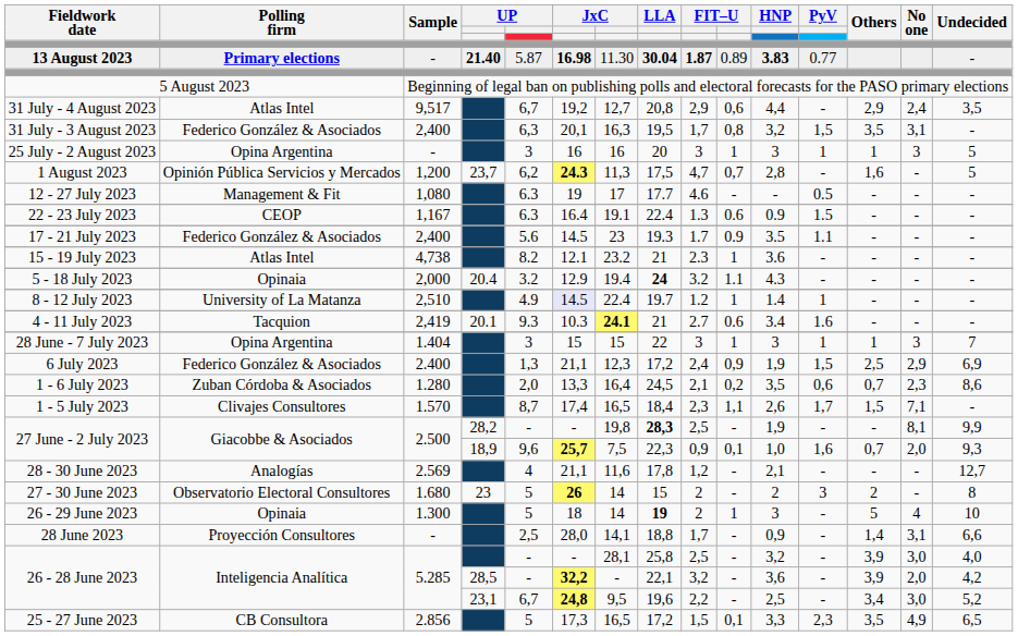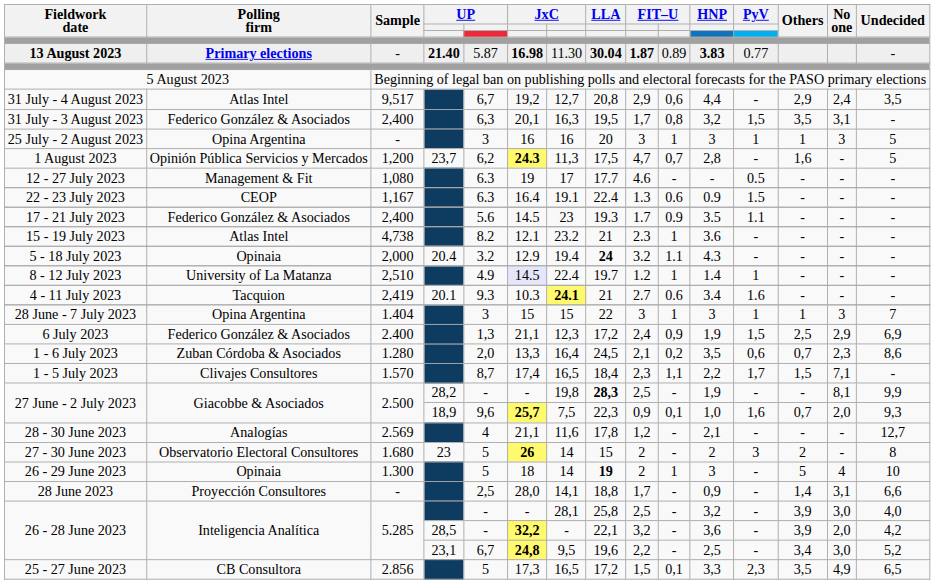 <table class="wikitable sortable tpl-blanktable" style="text-align:center;font-size:95%;line-height:14px;">
 <tr>
 <th rowspan="3">Fieldwork<br>date</th>
 <th rowspan="3">Polling<br>firm</th>
 <th rowspan="3">Sample</th>
 <th colspan="2"><a href='#'>UP</a></th>
 <th colspan="2"><a href='#'>JxC</a></th>
 <th colspan="1"><a href='#'>LLA</a></th>
 <th colspan="2"><a href='#'>FIT–U</a></th>
 <th colspan="1"><a href='#'>HNP</a></th>
 <th colspan="1"><a href='#'>PyV</a></th>
 <th rowspan="3">Others</th>
 <th rowspan="3">No<br>one</th>
 <th rowspan="3">Undecided</th>
 </tr>
 <tr>
 <th></th>
 <th></th>
 <th></th>
 <th></th>
 <th></th>
 <th></th>
 <th></th>
 <th></th>
 <th></th>
 </tr>
 <tr>
 <th style="background:"></th>
 <th style="background:#ED2939; width:40px;"></th>
 <th style="background:"></th>
 <th style="background:"></th>
 <th style="background:"></th>
 <th style="background:"></th>
 <th style="background:"></th>
 <th style="background:#1273BD; width:40px;"></th>
 <th style="background:#00AFF0; width:40px;"></th>
 </tr>
 <tr>
 <td colspan="15" style="background:#A0A0A0"></td>
 </tr>
 <tr style="background:#EFEFEF;">
 <td><strong>13 August 2023</strong></td>
 <td><strong><a href='#'>Primary elections</a></strong></td>
 <td>-</td>
 <td><strong>21.40</strong></td>
 <td>5.87</td>
 <td><strong>16.98</strong></td>
 <td>11.30</td>
 <td style="background:"><strong>30.04</strong></td>
 <td><strong>1.87</strong></td>
 <td>0.89</td>
 <td><strong>3.83</strong></td>
 <td>0.77</td>
 <td></td>
 <td></td>
 <td>-</td>
 </tr>
 <tr>
 <td colspan="15" style="background:#A0A0A0"></td>
 </tr>
 <tr>
 <td colspan="2">5 August 2023</td>
 <td colspan="15">Beginning of legal ban on publishing polls and electoral forecasts for the PASO primary elections</td>
 </tr>
 <tr>
 <td>31 July - 4 August 2023</td>
 <td>Atlas Intel</td>
 <td>9,517</td>
 <td bgcolor="#0E3C61"><strong></strong></td>
 <td>6,7</td>
 <td>19,2</td>
 <td>12,7</td>
 <td>20,8</td>
 <td>2,9</td>
 <td>0,6</td>
 <td>4,4</td>
 <td>-</td>
 <td>2,9</td>
 <td>2,4</td>
 <td>3,5</td>
 </tr>
 <tr>
 <td>31 July - 3 August 2023</td>
 <td>Federico González & Asociados</td>
 <td>2,400</td>
 <td bgcolor="#0E3C61"><strong></strong></td>
 <td>6,3</td>
 <td>20,1</td>
 <td>16,3</td>
 <td>19,5</td>
 <td>1,7</td>
 <td>0,8</td>
 <td>3,2</td>
 <td>1,5</td>
 <td>3,5</td>
 <td>3,1</td>
 <td>-</td>
 </tr>
 <tr>
 <td>25 July - 2 August 2023</td>
 <td>Opina Argentina</td>
 <td>-</td>
 <td bgcolor="#0E3C61"><strong></strong></td>
 <td>3</td>
 <td>16</td>
 <td>16</td>
 <td>20</td>
 <td>3</td>
 <td>1</td>
 <td>3</td>
 <td>1</td>
 <td>1</td>
 <td>3</td>
 <td>5</td>
 </tr>
 <tr>
 <td>1 August 2023</td>
 <td>Opinión Pública Servicios y Mercados</td>
 <td>1,200</td>
 <td>23,7</td>
 <td>6,2</td>
 <td bgcolor="#FFF96E"><strong>24.3</strong></td>
 <td>11,3</td>
 <td>17,5</td>
 <td>4,7</td>
 <td>0,7</td>
 <td>2,8</td>
 <td>-</td>
 <td>1,6</td>
 <td>-</td>
 <td>5</td>
 </tr>
 <tr>
 <td>12 - 27 July 2023</td>
 <td>Management & Fit</td>
 <td>1,080</td>
 <td bgcolor="#0E3C61"><strong></strong></td>
 <td>6.3</td>
 <td>19</td>
 <td>17</td>
 <td>17.7</td>
 <td>4.6</td>
 <td>-</td>
 <td>-</td>
 <td>0.5</td>
 <td>-</td>
 <td>-</td>
 <td>-</td>
 </tr>
 <tr>
 </tr>
 <tr>
 </tr>
 <tr>
 <td>22 - 23 July 2023</td>
 <td>CEOP</td>
 <td>1,167</td>
 <td bgcolor="#0E3C61"><strong></strong></td>
 <td>6.3</td>
 <td>16.4</td>
 <td>19.1</td>
 <td>22.4</td>
 <td>1.3</td>
 <td>0.6</td>
 <td>0.9</td>
 <td>1.5</td>
 <td>-</td>
 <td>-</td>
 <td>-</td>
 </tr>
 <tr>
 </tr>
 <tr>
 <td>17 - 21 July 2023</td>
 <td>Federico González & Asociados</td>
 <td>2,400</td>
 <td bgcolor="#0E3C61"><strong></strong></td>
 <td>5.6</td>
 <td>14.5</td>
 <td>23</td>
 <td>19.3</td>
 <td>1.7</td>
 <td>0.9</td>
 <td>3.5</td>
 <td>1.1</td>
 <td>-</td>
 <td>-</td>
 <td>-</td>
 </tr>
 <tr>
 </tr>
 <tr>
 <td>15 - 19 July 2023</td>
 <td>Atlas Intel</td>
 <td>4,738</td>
 <td bgcolor="#0E3C61"><strong></strong></td>
 <td>8.2</td>
 <td>12.1</td>
 <td>23.2</td>
 <td>21</td>
 <td>2.3</td>
 <td>1</td>
 <td>3.6</td>
 <td>-</td>
 <td>-</td>
 <td>-</td>
 <td>-</td>
 </tr>
 <tr>
 </tr>
 <tr>
 <td>5 - 18 July 2023</td>
 <td>Opinaia</td>
 <td>2,000</td>
 <td>20.4</td>
 <td>3.2</td>
 <td>12.9</td>
 <td>19.4</td>
 <td style="background:"><strong>24</strong></td>
 <td>3.2</td>
 <td>1.1</td>
 <td>4.3</td>
 <td>-</td>
 <td>-</td>
 <td>-</td>
 <td>-</td>
 </tr>
 <tr>
 </tr>
 <tr>
 <td>8 - 12 July 2023</td>
 <td>University of La Matanza</td>
 <td>2,510</td>
 <td bgcolor="#0E3C61"><strong></strong></td>
 <td>4.9</td>
 <td style="background: lavender;">14.5</td>
 <td>22.4</td>
 <td>19.7</td>
 <td>1.2</td>
 <td>1</td>
 <td>1.4</td>
 <td>1</td>
 <td>-</td>
 <td>-</td>
 <td>-</td>
 </tr>
 <tr>
 </tr>
 <tr>
 <td>4 - 11 July 2023</td>
 <td>Tacquion</td>
 <td>2,419</td>
 <td>20.1</td>
 <td>9.3</td>
 <td>10.3</td>
 <td bgcolor="#FFF96E"><strong>24.1</strong></td>
 <td>21</td>
 <td>2.7</td>
 <td>0.6</td>
 <td>3.4</td>
 <td>1.6</td>
 <td>-</td>
 <td>-</td>
 <td>-</td>
 </tr>
 <tr>
 </tr>
 <tr>
 <td>28 June - 7 July 2023</td>
 <td>Opina Argentina</td>
 <td>1.404</td>
 <td bgcolor="#0E3C61"><strong></strong></td>
 <td>3</td>
 <td>15</td>
 <td>15</td>
 <td>22</td>
 <td>3</td>
 <td>1</td>
 <td>3</td>
 <td>1</td>
 <td>1</td>
 <td>3</td>
 <td>7</td>
 </tr>
 <tr>
 <td>6 July 2023</td>
 <td>Federico González & Asociados</td>
 <td>2.400</td>
 <td bgcolor="#0E3C61"><strong></strong></td>
 <td>1,3</td>
 <td>21,1</td>
 <td>12,3</td>
 <td>17,2</td>
 <td>2,4</td>
 <td>0,9</td>
 <td>1,9</td>
 <td>1,5</td>
 <td>2,5</td>
 <td>2,9</td>
 <td>6,9</td>
 </tr>
 <tr>
 <td>1 - 6 July 2023</td>
 <td>Zuban Córdoba & Asociados</td>
 <td>1.280</td>
 <td bgcolor="#0E3C61"><strong></strong></td>
 <td>2,0</td>
 <td>13,3</td>
 <td>16,4</td>
 <td>24,5</td>
 <td>2,1</td>
 <td>0,2</td>
 <td>3,5</td>
 <td>0,6</td>
 <td>0,7</td>
 <td>2,3</td>
 <td>8,6</td>
 </tr>
 <tr>
 <td>1 - 5 July 2023</td>
 <td>Clivajes Consultores</td>
 <td>1.570</td>
 <td bgcolor="#0E3C61"><strong></strong></td>
 <td>8,7</td>
 <td>17,4</td>
 <td>16,5</td>
 <td>18,4</td>
 <td>2,3</td>
 <td>1,1</td>
-<td>2,6</td>
+<td>2,2</td>
 <td>1,7</td>
 <td>1,5</td>
 <td>7,1</td>
 <td>-</td>
 </tr>
 <tr>
 <td rowspan=2>27 June - 2 July 2023</td>
 <td rowspan=2>Giacobbe & Asociados</td>
 <td rowspan=2>2.500</td>
 <td>28,2</td>
 <td>-</td>
 <td>-</td>
 <td>19,8</td>
 <td style="background:"><strong>28,3</strong></td>
 <td>2,5</td>
 <td>-</td>
 <td>1,9</td>
 <td>-</td>
 <td>-</td>
 <td>8,1</td>
 <td>9,9</td>
 </tr>
 <tr>
 <td>18,9</td>
 <td>9,6</td>
 <td bgcolor="#FFF96E"><strong>25,7</strong></td>
 <td>7,5</td>
 <td>22,3</td>
 <td>0,9</td>
 <td>0,1</td>
 <td>1,0</td>
 <td>1,6</td>
 <td>0,7</td>
 <td>2,0</td>
 <td>9,3</td>
 </tr>
 <tr>
 <td>28 - 30 June 2023</td>
 <td>Analogías</td>
 <td>2.569</td>
 <td bgcolor="#0E3C61"><strong></strong></td>
 <td>4</td>
 <td>21,1</td>
 <td>11,6</td>
 <td>17,8</td>
 <td>1,2</td>
 <td>-</td>
 <td>2,1</td>
 <td>-</td>
 <td>-</td>
 <td>-</td>
 <td>12,7</td>
 </tr>
 <tr>
 <td>27 - 30 June 2023</td>
 <td>Observatorio Electoral Consultores</td>
 <td>1.680</td>
 <td>23</td>
 <td>5</td>
 <td bgcolor="#FFF96E"><strong>26</strong></td>
 <td>14</td>
 <td>15</td>
 <td>2</td>
 <td>-</td>
 <td>2</td>
 <td>3</td>
 <td>2</td>
 <td>-</td>
 <td>8</td>
 </tr>
 <tr>
 <td>26 - 29 June 2023</td>
 <td>Opinaia</td>
 <td>1.300</td>
 <td bgcolor="#0E3C61"><strong></strong></td>
 <td>5</td>
 <td>18</td>
 <td>14</td>
 <td style="background:"><strong>19</strong></td>
 <td>2</td>
 <td>1</td>
 <td>3</td>
 <td>-</td>
 <td>5</td>
 <td>4</td>
 <td>10</td>
 </tr>
 <tr>
 <td>28 June 2023</td>
 <td>Proyección Consultores</td>
 <td>-</td>
 <td bgcolor="#0E3C61"><strong></strong></td>
 <td>2,5</td>
 <td>28,0</td>
 <td>14,1</td>
 <td>18,8</td>
 <td>1,7</td>
 <td>-</td>
 <td>0,9</td>
 <td>-</td>
 <td>1,4</td>
 <td>3,1</td>
 <td>6,6</td>
 </tr>
 <tr>
 <td rowspan=3>26 - 28 June 2023</td>
 <td rowspan=3>Inteligencia Analítica</td>
 <td rowspan=3>5.285</td>
 <td bgcolor="#0E3C61"><strong></strong></td>
 <td>-</td>
 <td>-</td>
 <td>28,1</td>
 <td>25,8</td>
 <td>2,5</td>
 <td>-</td>
 <td>3,2</td>
 <td>-</td>
 <td>3,9</td>
 <td>3,0</td>
 <td>4,0</td>
 </tr>
 <tr>
 <td>28,5</td>
 <td>-</td>
 <td bgcolor="#FFF96E"><strong>32,2</strong></td>
 <td>-</td>
 <td>22,1</td>
 <td>3,2</td>
 <td>-</td>
 <td>3,6</td>
 <td>-</td>
 <td>3,9</td>
 <td>2,0</td>
 <td>4,2</td>
 </tr>
 <tr>
 <td>23,1</td>
 <td>6,7</td>
 <td bgcolor="#FFF96E"><strong>24,8</strong></td>
 <td>9,5</td>
 <td>19,6</td>
 <td>2,2</td>
 <td>-</td>
 <td>2,5</td>
 <td>-</td>
 <td>3,4</td>
 <td>3,0</td>
 <td>5,2</td>
 </tr>
 <tr>
 <td>25 - 27 June 2023</td>
 <td>CB Consultora</td>
 <td>2.856</td>
 <td bgcolor="#0E3C61"><strong></strong></td>
 <td>5</td>
 <td>17,3</td>
 <td>16,5</td>
 <td>17,2</td>
 <td>1,5</td>
 <td>0,1</td>
 <td>3,3</td>
 <td>2,3</td>
 <td>3,5</td>
 <td>4,9</td>
 <td>6,5</td>
 </tr>
 </table>
